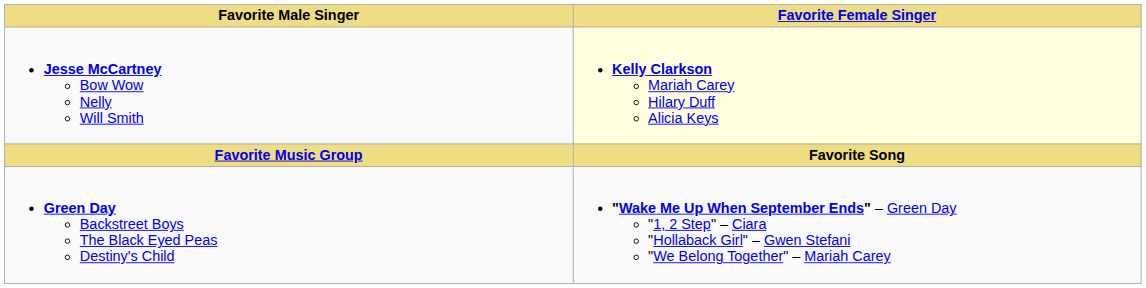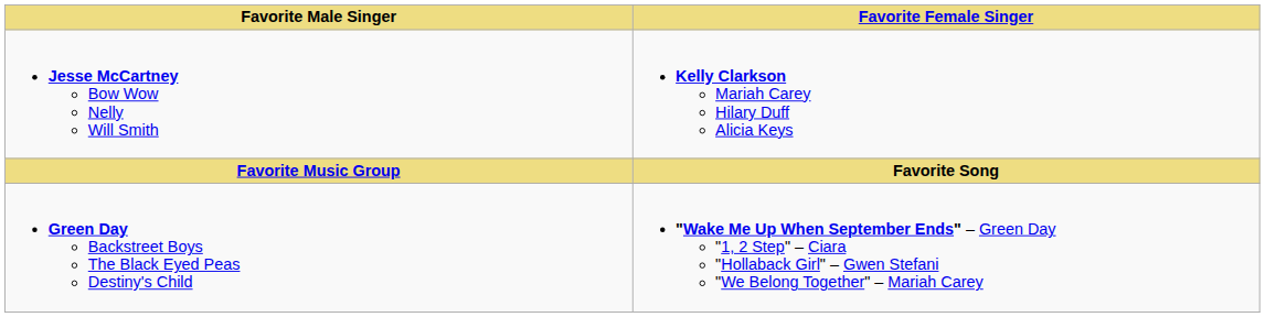 <table class="wikitable" style="width:100%">
 <tr>
 <th style="background:#EEDD82; width:50%">Favorite Male Singer</th>
 <th style="background:#EEDD82; width:50%"><a href='#'>Favorite Female Singer</a></th>
 </tr>
 <tr>
 <td valign="top"><br><ul><li><strong><a href='#'>Jesse McCartney</a></strong><ul><li><a href='#'>Bow Wow</a></li><li><a href='#'>Nelly</a></li><li><a href='#'>Will Smith</a></li></ul></li></ul></td>
-<td valign="top" style="background: lightyellow;"><br><ul><li><strong><a href='#'>Kelly Clarkson</a></strong><ul><li><a href='#'>Mariah Carey</a></li><li><a href='#'>Hilary Duff</a></li><li><a href='#'>Alicia Keys</a></li></ul></li></ul></td>
+<td valign="top"><br><ul><li><strong><a href='#'>Kelly Clarkson</a></strong><ul><li><a href='#'>Mariah Carey</a></li><li><a href='#'>Hilary Duff</a></li><li><a href='#'>Alicia Keys</a></li></ul></li></ul></td>
 </tr>
 <tr>
 <th style="background:#EEDD82; width:50%"><a href='#'>Favorite Music Group</a></th>
 <th style="background:#EEDD82; width:50%">Favorite Song</th>
 </tr>
 <tr>
 <td valign="top"><br><ul><li><strong><a href='#'>Green Day</a></strong><ul><li><a href='#'>Backstreet Boys</a></li><li><a href='#'>The Black Eyed Peas</a></li><li><a href='#'>Destiny's Child</a></li></ul></li></ul></td>
 <td valign="top"><br><ul><li><strong>"<a href='#'>Wake Me Up When September Ends</a>"</strong> – <a href='#'>Green Day</a><ul><li>"<a href='#'>1, 2 Step</a>" – <a href='#'>Ciara</a></li><li>"<a href='#'>Hollaback Girl</a>" – <a href='#'>Gwen Stefani</a></li><li>"<a href='#'>We Belong Together</a>" – <a href='#'>Mariah Carey</a></li></ul></li></ul></td>
 </tr>
 </table>
